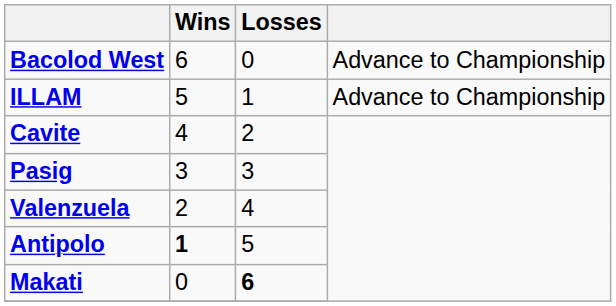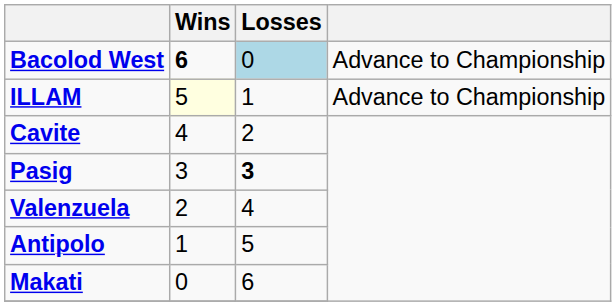 <table class="wikitable">
 <tr align=center>
 <th></th>
 <th>Wins</th>
 <th>Losses</th>
 <th></th>
 </tr>
 <tr>
 <td><strong><a href='#'>Bacolod West</a></strong></td>
-<td>6</td>
-<td>0</td>
+<td><strong>6</strong></td>
+<td style="background: lightblue;">0</td>
 <td>Advance to Championship</td>
 </tr>
 <tr>
 <td><strong><a href='#'>ILLAM</a></strong></td>
-<td>5</td>
+<td style="background: lightyellow;">5</td>
 <td>1</td>
 <td>Advance to Championship</td>
 </tr>
 <tr>
 <td><strong><a href='#'>Cavite</a></strong></td>
 <td>4</td>
 <td>2</td>
 </tr>
 <tr>
 <td><strong><a href='#'>Pasig</a></strong></td>
 <td>3</td>
-<td>3</td>
+<td><strong>3</strong></td>
 </tr>
 <tr>
 <td><strong><a href='#'>Valenzuela</a></strong></td>
 <td>2</td>
 <td>4</td>
 </tr>
 <tr>
 <td><strong><a href='#'>Antipolo</a></strong></td>
-<td><strong>1</strong></td>
+<td>1</td>
 <td>5</td>
 </tr>
 <tr>
 <td><strong><a href='#'>Makati</a></strong></td>
 <td>0</td>
-<td><strong>6</strong></td>
+<td>6</td>
 </tr>
 <tr>
 </tr>
 </table>
